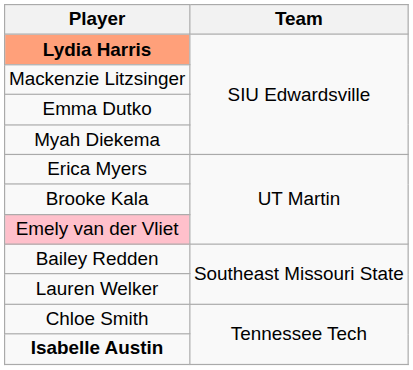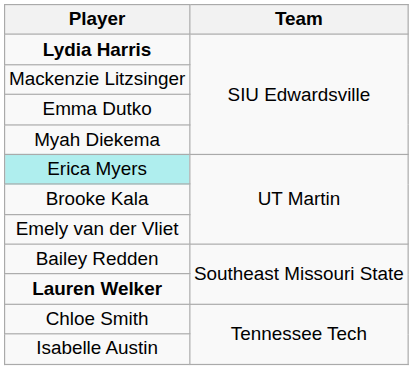 <table class="wikitable" style="text-align: center;">
 <tr>
 <th>Player</th>
 <th>Team</th>
 </tr>
 <tr>
-<td style="background: lightsalmon;"><strong>Lydia Harris</strong></td>
+<td><strong>Lydia Harris</strong></td>
 <td rowspan=4>SIU Edwardsville</td>
 </tr>
 <tr>
 <td>Mackenzie Litzsinger</td>
 </tr>
 <tr>
 <td>Emma Dutko</td>
 </tr>
 <tr>
 <td>Myah Diekema</td>
 </tr>
 <tr>
-<td>Erica Myers</td>
+<td style="background: paleturquoise;">Erica Myers</td>
 <td rowspan=3>UT Martin</td>
 </tr>
 <tr>
 <td>Brooke Kala</td>
 </tr>
 <tr>
-<td style="background: pink;">Emely van der Vliet</td>
+<td>Emely van der Vliet</td>
 </tr>
 <tr>
 <td>Bailey Redden</td>
 <td rowspan=2>Southeast Missouri State</td>
 </tr>
 <tr>
-<td>Lauren Welker</td>
+<td><strong>Lauren Welker</strong></td>
 </tr>
 <tr>
 <td>Chloe Smith</td>
 <td rowspan=2>Tennessee Tech</td>
 </tr>
 <tr>
-<td><strong>Isabelle Austin</strong></td>
+<td>Isabelle Austin</td>
 </tr>
 </table>
